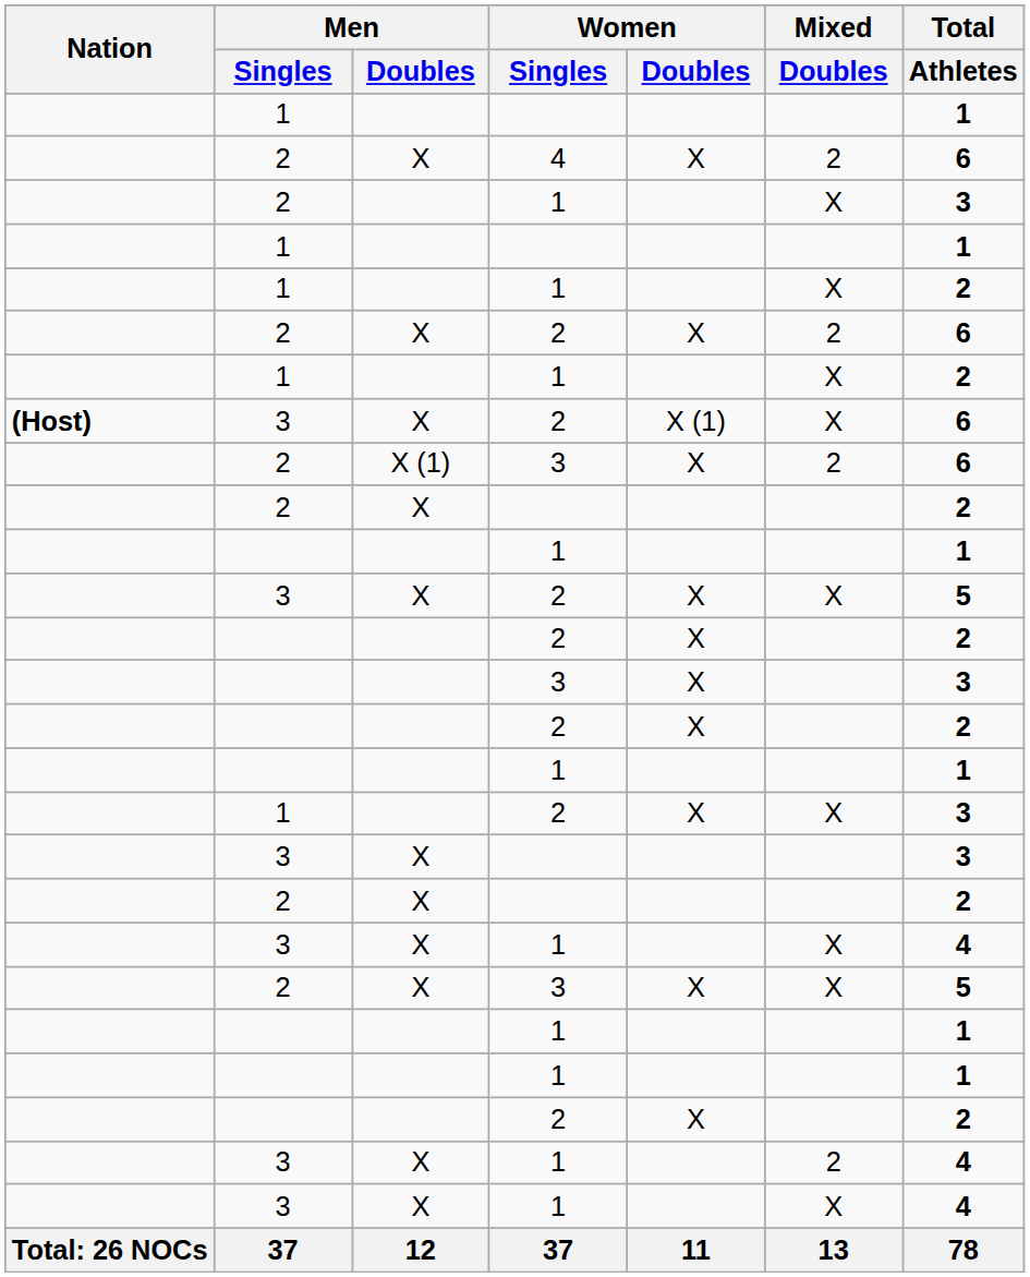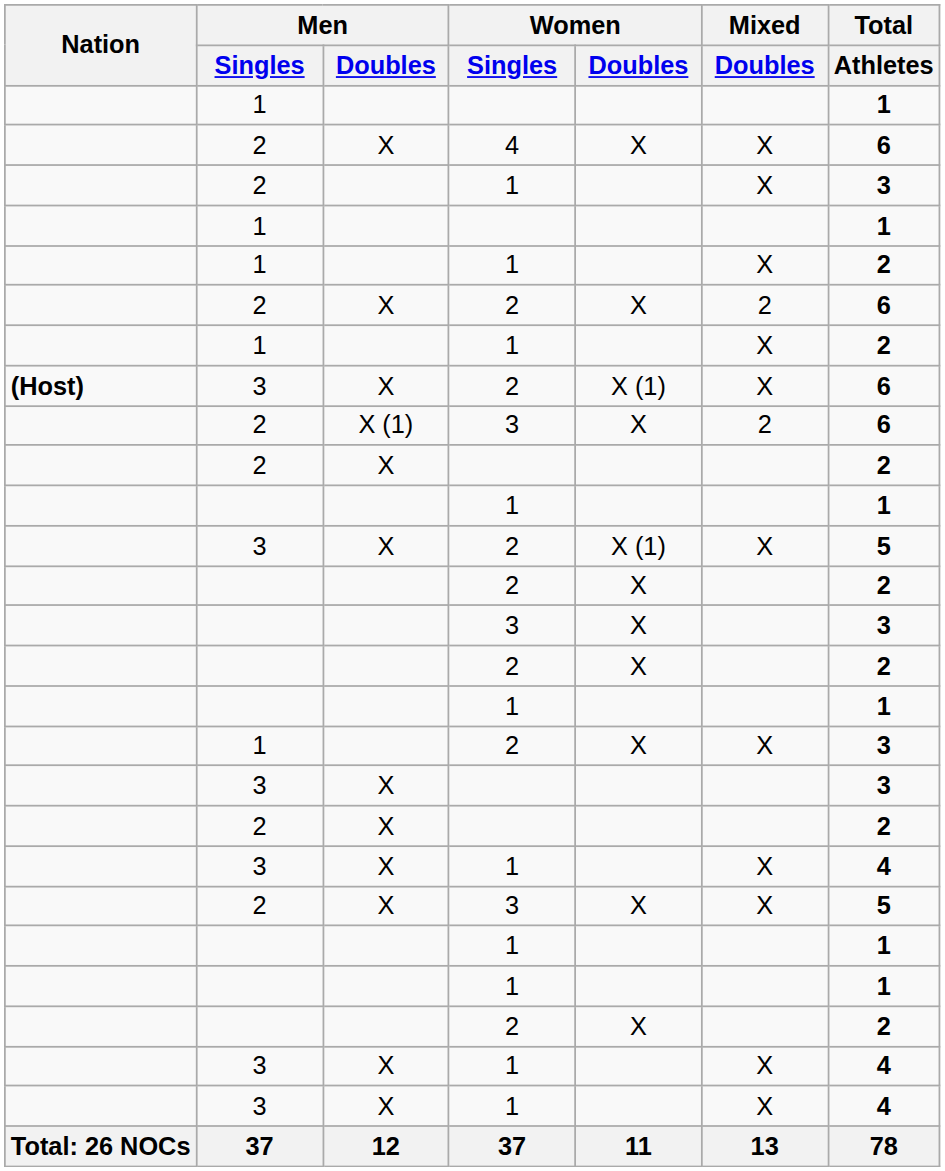 <table class="wikitable" style="text-align:center; font-size:90%">
 <tr>
 <th rowspan="2" align="left">Nation</th>
 <th colspan="2">Men</th>
 <th colspan="2">Women</th>
 <th>Mixed</th>
 <th>Total</th>
 </tr>
 <tr>
 <th width=65><a href='#'>Singles</a></th>
 <th width=65><a href='#'>Doubles</a></th>
 <th width=65><a href='#'>Singles</a></th>
 <th width=65><a href='#'>Doubles</a></th>
 <th width=65><a href='#'>Doubles</a></th>
 <th width=55>Athletes</th>
 </tr>
 <tr>
 <td align=left></td>
 <td>1</td>
 <td></td>
 <td></td>
 <td></td>
 <td></td>
 <td><strong>1</strong></td>
 </tr>
 <tr>
 <td align=left></td>
 <td>2</td>
 <td>X</td>
 <td>4</td>
 <td>X</td>
-<td>2</td>
+<td>X</td>
 <td><strong>6</strong></td>
 </tr>
 <tr>
 <td align=left></td>
 <td>2</td>
 <td></td>
 <td>1</td>
 <td></td>
 <td>X</td>
 <td><strong>3</strong></td>
 </tr>
 <tr>
 <td align=left></td>
 <td>1</td>
 <td></td>
 <td></td>
 <td></td>
 <td></td>
 <td><strong>1</strong></td>
 </tr>
 <tr>
 <td align=left></td>
 <td>1</td>
 <td></td>
 <td>1</td>
 <td></td>
 <td>X</td>
 <td><strong>2</strong></td>
 </tr>
 <tr>
 <td align=left></td>
 <td>2</td>
 <td>X</td>
 <td>2</td>
 <td>X</td>
 <td>2</td>
 <td><strong>6</strong></td>
 </tr>
 <tr>
 <td align=left></td>
 <td>1</td>
 <td></td>
 <td>1</td>
 <td></td>
 <td>X</td>
 <td><strong>2</strong></td>
 </tr>
 <tr>
 <td align=left><strong> (Host)</strong></td>
 <td>3</td>
 <td>X</td>
 <td>2</td>
 <td>X (1)</td>
 <td>X</td>
 <td><strong>6</strong></td>
 </tr>
 <tr>
 <td align=left></td>
 <td>2</td>
 <td>X (1)</td>
 <td>3</td>
 <td>X</td>
 <td>2</td>
 <td><strong>6</strong></td>
 </tr>
 <tr>
 <td align=left></td>
 <td>2</td>
 <td>X</td>
 <td></td>
 <td></td>
 <td></td>
 <td><strong>2</strong></td>
 </tr>
 <tr>
 <td align=left></td>
 <td></td>
 <td></td>
 <td>1</td>
 <td></td>
 <td></td>
 <td><strong>1</strong></td>
 </tr>
 <tr>
 <td align=left></td>
 <td>3</td>
 <td>X</td>
 <td>2</td>
-<td>X</td>
+<td>X (1)</td>
 <td>X</td>
 <td><strong>5</strong></td>
 </tr>
 <tr>
 <td align=left></td>
 <td></td>
 <td></td>
 <td>2</td>
 <td>X</td>
 <td></td>
 <td><strong>2</strong></td>
 </tr>
 <tr>
 <td align=left></td>
 <td></td>
 <td></td>
 <td>3</td>
 <td>X</td>
 <td></td>
 <td><strong>3</strong></td>
 </tr>
 <tr>
 <td align=left></td>
 <td></td>
 <td></td>
 <td>2</td>
 <td>X</td>
 <td></td>
 <td><strong>2</strong></td>
 </tr>
 <tr>
 <td align=left></td>
 <td></td>
 <td></td>
 <td>1</td>
 <td></td>
 <td></td>
 <td><strong>1</strong></td>
 </tr>
 <tr>
 <td align=left></td>
 <td>1</td>
 <td></td>
 <td>2</td>
 <td>X</td>
 <td>X</td>
 <td><strong>3</strong></td>
 </tr>
 <tr>
 <td align=left></td>
 <td>3</td>
 <td>X</td>
 <td></td>
 <td></td>
 <td></td>
 <td><strong>3</strong></td>
 </tr>
 <tr>
 <td align=left></td>
 <td>2</td>
 <td>X</td>
 <td></td>
 <td></td>
 <td></td>
 <td><strong>2</strong></td>
 </tr>
 <tr>
 <td align=left></td>
 <td>3</td>
 <td>X</td>
 <td>1</td>
 <td></td>
 <td>X</td>
 <td><strong>4</strong></td>
 </tr>
 <tr>
 <td align=left></td>
 <td>2</td>
 <td>X</td>
 <td>3</td>
 <td>X</td>
 <td>X</td>
 <td><strong>5</strong></td>
 </tr>
 <tr>
 <td align=left></td>
 <td></td>
 <td></td>
 <td>1</td>
 <td></td>
 <td></td>
 <td><strong>1</strong></td>
 </tr>
 <tr>
 <td align=left></td>
 <td></td>
 <td></td>
 <td>1</td>
 <td></td>
 <td></td>
 <td><strong>1</strong></td>
 </tr>
 <tr>
 <td align=left></td>
 <td></td>
 <td></td>
 <td>2</td>
 <td>X</td>
 <td></td>
 <td><strong>2</strong></td>
 </tr>
 <tr>
 <td align=left></td>
 <td>3</td>
 <td>X</td>
 <td>1</td>
 <td></td>
-<td>2</td>
+<td>X</td>
 <td><strong>4</strong></td>
 </tr>
 <tr>
 <td align=left></td>
 <td>3</td>
 <td>X</td>
 <td>1</td>
 <td></td>
 <td>X</td>
 <td><strong>4</strong></td>
 </tr>
 <tr>
 <th>Total: 26 NOCs</th>
 <th>37</th>
 <th>12</th>
 <th>37</th>
 <th>11</th>
 <th>13</th>
 <th>78</th>
 </tr>
 </table>
